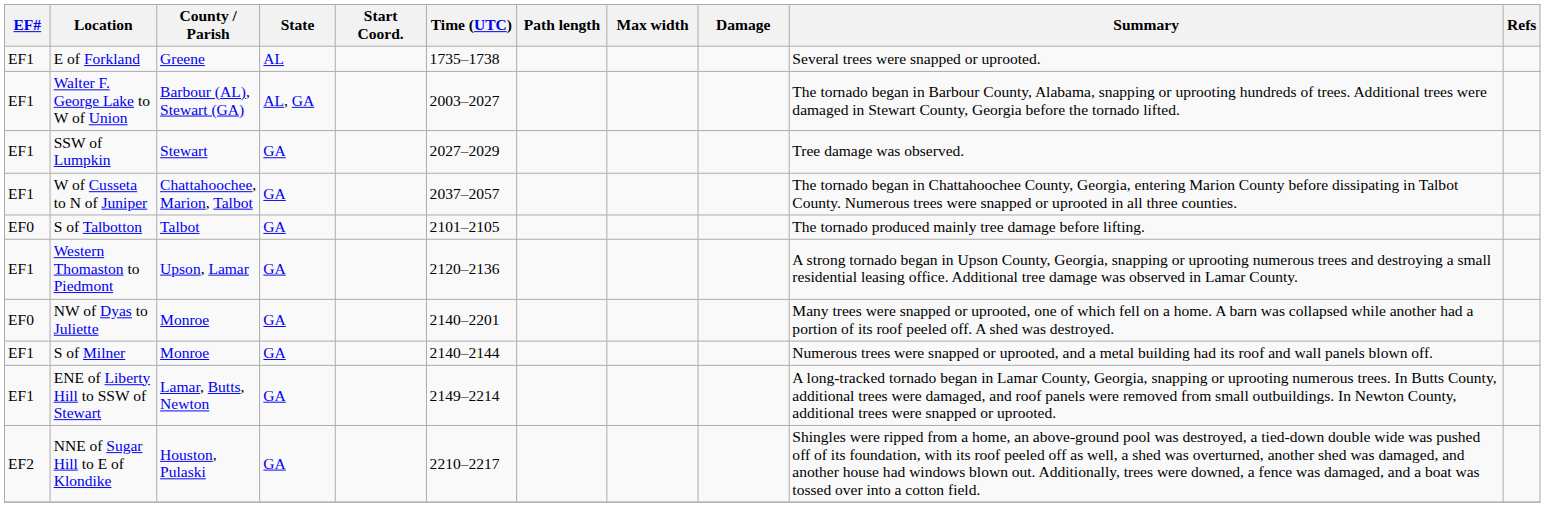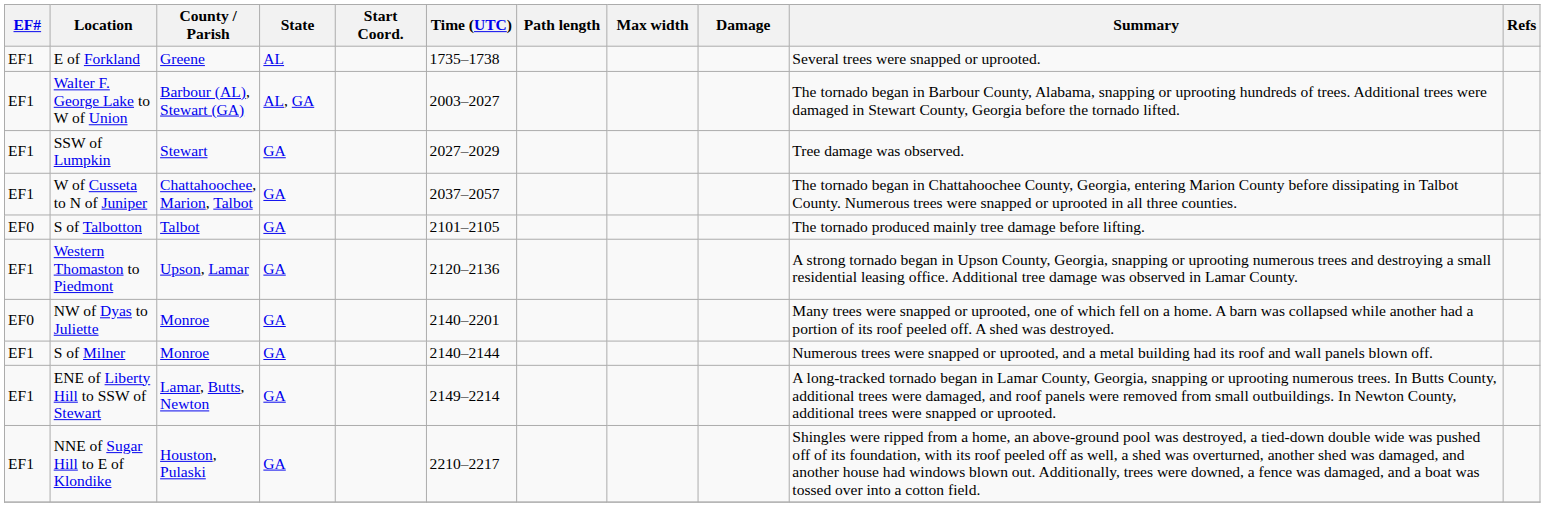 <table class="wikitable sortable" style="width:100%;">
 <tr>
 <th scope="col" width="3%" align="center"><a href='#'>EF#</a></th>
 <th scope="col" width="7%" align="center" class="unsortable">Location</th>
 <th scope="col" width="6%" align="center" class="unsortable">County / Parish</th>
 <th scope="col" width="5%" align="center">State</th>
 <th scope="col" width="6%" align="center">Start Coord.</th>
 <th scope="col" width="6%" align="center">Time (<a href='#'>UTC</a>)</th>
 <th scope="col" width="6%" align="center">Path length</th>
 <th scope="col" width="6%" align="center">Max width</th>
 <th scope="col" width="6%" align="center">Damage</th>
 <th scope="col" width="48%" class="unsortable" align="center">Summary</th>
 <th scope="col" width="48%" class="unsortable" align="center">Refs</th>
 </tr>
 <tr>
 <td>EF1</td>
 <td>E of <a href='#'>Forkland</a></td>
 <td><a href='#'>Greene</a></td>
 <td><a href='#'>AL</a></td>
 <td></td>
 <td>1735–1738</td>
 <td></td>
 <td></td>
 <td></td>
 <td>Several trees were snapped or uprooted.</td>
 <td></td>
 </tr>
 <tr>
 <td>EF1</td>
 <td><a href='#'>Walter F. George Lake</a> to W of <a href='#'>Union</a></td>
 <td><a href='#'>Barbour (AL)</a>, <a href='#'>Stewart (GA)</a></td>
 <td><a href='#'>AL</a>, <a href='#'>GA</a></td>
 <td></td>
 <td>2003–2027</td>
 <td></td>
 <td></td>
 <td></td>
 <td>The tornado began in Barbour County, Alabama, snapping or uprooting hundreds of trees. Additional trees were damaged in Stewart County, Georgia before the tornado lifted.</td>
 <td></td>
 </tr>
 <tr>
 <td>EF1</td>
 <td>SSW of <a href='#'>Lumpkin</a></td>
 <td><a href='#'>Stewart</a></td>
 <td><a href='#'>GA</a></td>
 <td></td>
 <td>2027–2029</td>
 <td></td>
 <td></td>
 <td></td>
 <td>Tree damage was observed.</td>
 <td></td>
 </tr>
 <tr>
 <td>EF1</td>
 <td>W of <a href='#'>Cusseta</a> to N of <a href='#'>Juniper</a></td>
 <td><a href='#'>Chattahoochee</a>, <a href='#'>Marion</a>, <a href='#'>Talbot</a></td>
 <td><a href='#'>GA</a></td>
 <td></td>
 <td>2037–2057</td>
 <td></td>
 <td></td>
 <td></td>
 <td>The tornado began in Chattahoochee County, Georgia, entering Marion County before dissipating in Talbot County. Numerous trees were snapped or uprooted in all three counties.</td>
 <td><br></td>
 </tr>
 <tr>
 <td>EF0</td>
 <td>S of <a href='#'>Talbotton</a></td>
 <td><a href='#'>Talbot</a></td>
 <td><a href='#'>GA</a></td>
 <td></td>
 <td>2101–2105</td>
 <td></td>
 <td></td>
 <td></td>
 <td>The tornado produced mainly tree damage before lifting.</td>
 <td></td>
 </tr>
 <tr>
 <td>EF1</td>
 <td><a href='#'>Western Thomaston</a> to <a href='#'>Piedmont</a></td>
 <td><a href='#'>Upson</a>, <a href='#'>Lamar</a></td>
 <td><a href='#'>GA</a></td>
 <td></td>
 <td>2120–2136</td>
 <td></td>
 <td></td>
 <td></td>
 <td>A strong tornado began in Upson County, Georgia, snapping or uprooting numerous trees and destroying a small residential leasing office. Additional tree damage was observed in Lamar County.</td>
 <td></td>
 </tr>
 <tr>
 <td>EF0</td>
 <td>NW of <a href='#'>Dyas</a> to <a href='#'>Juliette</a></td>
 <td><a href='#'>Monroe</a></td>
 <td><a href='#'>GA</a></td>
 <td></td>
 <td>2140–2201</td>
 <td></td>
 <td></td>
 <td></td>
 <td>Many trees were snapped or uprooted, one of which fell on a home. A barn was collapsed while another had a portion of its roof peeled off. A shed was destroyed.</td>
 <td></td>
 </tr>
 <tr>
 <td>EF1</td>
 <td>S of <a href='#'>Milner</a></td>
 <td><a href='#'>Monroe</a></td>
 <td><a href='#'>GA</a></td>
 <td></td>
 <td>2140–2144</td>
 <td></td>
 <td></td>
 <td></td>
 <td>Numerous trees were snapped or uprooted, and a metal building had its roof and wall panels blown off.</td>
 <td></td>
 </tr>
 <tr>
 <td>EF1</td>
 <td>ENE of <a href='#'>Liberty Hill</a> to SSW of <a href='#'>Stewart</a></td>
 <td><a href='#'>Lamar</a>, <a href='#'>Butts</a>, <a href='#'>Newton</a></td>
 <td><a href='#'>GA</a></td>
 <td></td>
 <td>2149–2214</td>
 <td></td>
 <td></td>
 <td></td>
 <td>A long-tracked tornado began in Lamar County, Georgia, snapping or uprooting numerous trees. In Butts County, additional trees were damaged, and roof panels were removed from small outbuildings. In Newton County, additional trees were snapped or uprooted.</td>
 <td><br></td>
 </tr>
 <tr>
-<td>EF2</td>
+<td>EF1</td>
 <td>NNE of <a href='#'>Sugar Hill</a> to E of <a href='#'>Klondike</a></td>
 <td><a href='#'>Houston</a>, <a href='#'>Pulaski</a></td>
 <td><a href='#'>GA</a></td>
 <td></td>
 <td>2210–2217</td>
 <td></td>
 <td></td>
 <td></td>
 <td>Shingles were ripped from a home, an above-ground pool was destroyed, a tied-down double wide was pushed off of its foundation, with its roof peeled off as well, a shed was overturned, another shed was damaged, and another house had windows blown out. Additionally, trees were downed, a fence was damaged, and a boat was tossed over  into a cotton field.</td>
 <td></td>
 </tr>
 <tr>
 </tr>
 </table>
